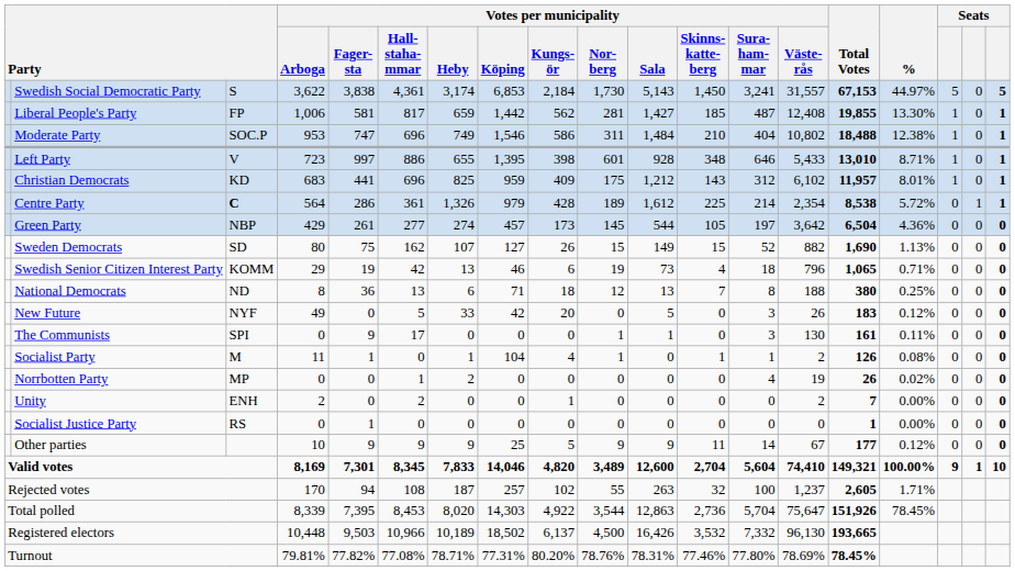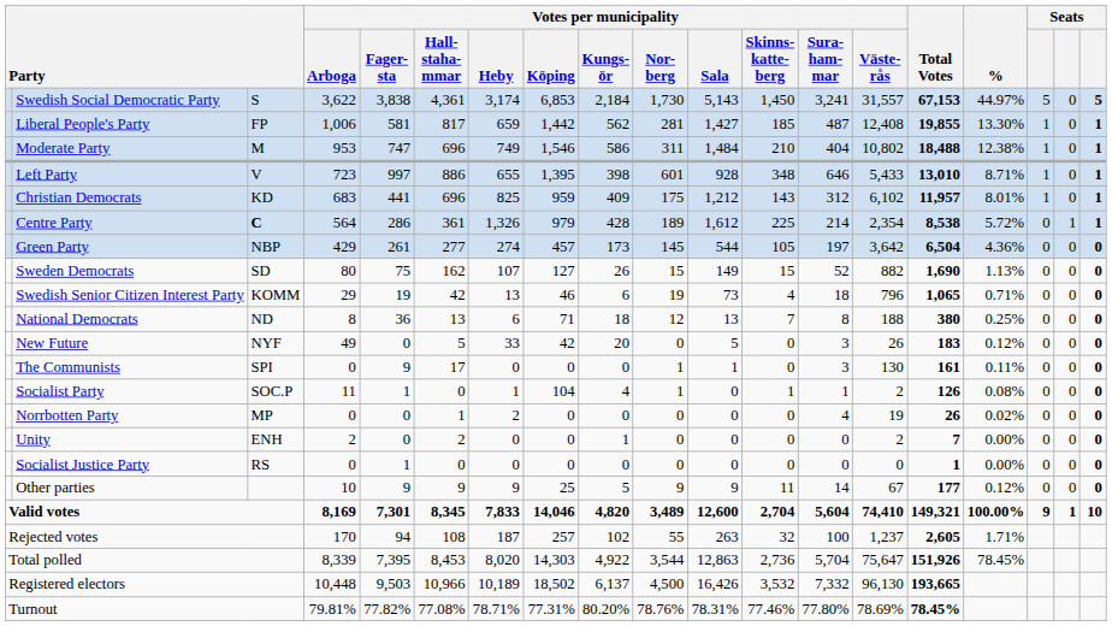 <table class="wikitable" border="1" style="text-align:right;">
 <tr>
 <th style="text-align:left;" valign=bottom rowspan=2 colspan=3>Party</th>
 <th colspan=11>Votes per municipality</th>
 <th align=center valign=bottom rowspan=2 width="50">Total Votes</th>
 <th align=center valign=bottom rowspan=2 width="50">%</th>
 <th colspan=3>Seats</th>
 </tr>
 <tr>
 <th align=center valign=bottom width="50"><a href='#'>Arboga</a></th>
 <th align=center valign=bottom width="50"><a href='#'>Fager- sta</a></th>
 <th align=center valign=bottom width="50"><a href='#'>Hall- staha- mmar</a></th>
 <th align=center valign=bottom width="50"><a href='#'>Heby</a></th>
 <th align=center valign=bottom width="50"><a href='#'>Köping</a></th>
 <th align=center valign=bottom width="50"><a href='#'>Kungs- ör</a></th>
 <th align=center valign=bottom width="50"><a href='#'>Nor- berg</a></th>
 <th align=center valign=bottom width="50"><a href='#'>Sala</a></th>
 <th align=center valign=bottom width="50"><a href='#'>Skinns- katte- berg</a></th>
 <th align=center valign=bottom width="50"><a href='#'>Sura- ham- mar</a></th>
 <th align=center valign=bottom width="50"><a href='#'>Väste- rås</a></th>
 <th align=center valign=bottom width="20"><small></small></th>
 <th align=center valign=bottom width="20"><small><a href='#'></a></small></th>
 <th align=center valign=bottom width="20"><small></small></th>
 </tr>
 <tr style="background:#CEE0F2;">
 <td></td>
 <td align=left style="white-space: nowrap;"><a href='#'>Swedish Social Democratic Party</a></td>
 <td align=left>S</td>
 <td>3,622</td>
 <td>3,838</td>
 <td>4,361</td>
 <td>3,174</td>
 <td>6,853</td>
 <td>2,184</td>
 <td>1,730</td>
 <td>5,143</td>
 <td>1,450</td>
 <td>3,241</td>
 <td>31,557</td>
 <td><strong>67,153</strong></td>
 <td>44.97%</td>
 <td>5</td>
 <td>0</td>
 <td><strong>5</strong></td>
 </tr>
 <tr style="background:#CEE0F2;">
 <td></td>
 <td align=left><a href='#'>Liberal People's Party</a></td>
 <td align=left>FP</td>
 <td>1,006</td>
 <td>581</td>
 <td>817</td>
 <td>659</td>
 <td>1,442</td>
 <td>562</td>
 <td>281</td>
 <td>1,427</td>
 <td>185</td>
 <td>487</td>
 <td>12,408</td>
 <td><strong>19,855</strong></td>
 <td>13.30%</td>
 <td>1</td>
 <td>0</td>
 <td><strong>1</strong></td>
 </tr>
 <tr style="background:#CEE0F2;">
 <td></td>
 <td align=left><a href='#'>Moderate Party</a></td>
-<td align=left>SOC.P</td>
+<td align=left>M</td>
 <td>953</td>
 <td>747</td>
 <td>696</td>
 <td>749</td>
 <td>1,546</td>
 <td>586</td>
 <td>311</td>
 <td>1,484</td>
 <td>210</td>
 <td>404</td>
 <td>10,802</td>
 <td><strong>18,488</strong></td>
 <td>12.38%</td>
 <td>1</td>
 <td>0</td>
 <td><strong>1</strong></td>
 </tr>
 <tr style="background:#CEE0F2; border-top:3px solid darkgray;">
 <td></td>
 <td align=left><a href='#'>Left Party</a></td>
 <td align=left>V</td>
 <td>723</td>
 <td>997</td>
 <td>886</td>
 <td>655</td>
 <td>1,395</td>
 <td>398</td>
 <td>601</td>
 <td>928</td>
 <td>348</td>
 <td>646</td>
 <td>5,433</td>
 <td><strong>13,010</strong></td>
 <td>8.71%</td>
 <td>1</td>
 <td>0</td>
 <td><strong>1</strong></td>
 </tr>
 <tr style="background:#CEE0F2;">
 <td></td>
 <td align=left><a href='#'>Christian Democrats</a></td>
 <td align=left>KD</td>
 <td>683</td>
 <td>441</td>
 <td>696</td>
 <td>825</td>
 <td>959</td>
 <td>409</td>
 <td>175</td>
 <td>1,212</td>
 <td>143</td>
 <td>312</td>
 <td>6,102</td>
 <td><strong>11,957</strong></td>
 <td>8.01%</td>
 <td>1</td>
 <td>0</td>
 <td><strong>1</strong></td>
 </tr>
 <tr style="background:#CEE0F2;">
 <td></td>
 <td align=left><a href='#'>Centre Party</a></td>
 <td align=left><strong>C</strong></td>
 <td>564</td>
 <td>286</td>
 <td>361</td>
 <td>1,326</td>
 <td>979</td>
 <td>428</td>
 <td>189</td>
 <td>1,612</td>
 <td>225</td>
 <td>214</td>
 <td>2,354</td>
 <td><strong>8,538</strong></td>
 <td>5.72%</td>
 <td>0</td>
 <td>1</td>
 <td><strong>1</strong></td>
 </tr>
 <tr style="background:#CEE0F2;">
 <td></td>
 <td align=left><a href='#'>Green Party</a></td>
 <td align=left>NBP</td>
 <td>429</td>
 <td>261</td>
 <td>277</td>
 <td>274</td>
 <td>457</td>
 <td>173</td>
 <td>145</td>
 <td>544</td>
 <td>105</td>
 <td>197</td>
 <td>3,642</td>
 <td><strong>6,504</strong></td>
 <td>4.36%</td>
 <td>0</td>
 <td>0</td>
 <td><strong>0</strong></td>
 </tr>
 <tr>
 <td></td>
 <td align=left><a href='#'>Sweden Democrats</a></td>
 <td align=left>SD</td>
 <td>80</td>
 <td>75</td>
 <td>162</td>
 <td>107</td>
 <td>127</td>
 <td>26</td>
 <td>15</td>
 <td>149</td>
 <td>15</td>
 <td>52</td>
 <td>882</td>
 <td><strong>1,690</strong></td>
 <td>1.13%</td>
 <td>0</td>
 <td>0</td>
 <td><strong>0</strong></td>
 </tr>
 <tr>
 <td></td>
 <td align=left><a href='#'>Swedish Senior Citizen Interest Party</a></td>
 <td align=left>KOMM</td>
 <td>29</td>
 <td>19</td>
 <td>42</td>
 <td>13</td>
 <td>46</td>
 <td>6</td>
 <td>19</td>
 <td>73</td>
 <td>4</td>
 <td>18</td>
 <td>796</td>
 <td><strong>1,065</strong></td>
 <td>0.71%</td>
 <td>0</td>
 <td>0</td>
 <td><strong>0</strong></td>
 </tr>
 <tr>
 <td></td>
 <td align=left><a href='#'>National Democrats</a></td>
 <td align=left>ND</td>
 <td>8</td>
 <td>36</td>
 <td>13</td>
 <td>6</td>
 <td>71</td>
 <td>18</td>
 <td>12</td>
 <td>13</td>
 <td>7</td>
 <td>8</td>
 <td>188</td>
 <td><strong>380</strong></td>
 <td>0.25%</td>
 <td>0</td>
 <td>0</td>
 <td><strong>0</strong></td>
 </tr>
 <tr>
 <td></td>
 <td align=left><a href='#'>New Future</a></td>
 <td align=left>NYF</td>
 <td>49</td>
 <td>0</td>
 <td>5</td>
 <td>33</td>
 <td>42</td>
 <td>20</td>
 <td>0</td>
 <td>5</td>
 <td>0</td>
 <td>3</td>
 <td>26</td>
 <td><strong>183</strong></td>
 <td>0.12%</td>
 <td>0</td>
 <td>0</td>
 <td><strong>0</strong></td>
 </tr>
 <tr>
 <td></td>
 <td align=left><a href='#'>The Communists</a></td>
 <td align=left>SPI</td>
 <td>0</td>
 <td>9</td>
 <td>17</td>
 <td>0</td>
 <td>0</td>
 <td>0</td>
 <td>1</td>
 <td>1</td>
 <td>0</td>
 <td>3</td>
 <td>130</td>
 <td><strong>161</strong></td>
 <td>0.11%</td>
 <td>0</td>
 <td>0</td>
 <td><strong>0</strong></td>
 </tr>
 <tr>
 <td></td>
 <td align=left><a href='#'>Socialist Party</a></td>
-<td align=left>M</td>
+<td align=left>SOC.P</td>
 <td>11</td>
 <td>1</td>
 <td>0</td>
 <td>1</td>
 <td>104</td>
 <td>4</td>
 <td>1</td>
 <td>0</td>
 <td>1</td>
 <td>1</td>
 <td>2</td>
 <td><strong>126</strong></td>
 <td>0.08%</td>
 <td>0</td>
 <td>0</td>
 <td><strong>0</strong></td>
 </tr>
 <tr>
 <td></td>
 <td align=left><a href='#'>Norrbotten Party</a></td>
 <td align=left>MP</td>
 <td>0</td>
 <td>0</td>
 <td>1</td>
 <td>2</td>
 <td>0</td>
 <td>0</td>
 <td>0</td>
 <td>0</td>
 <td>0</td>
 <td>4</td>
 <td>19</td>
 <td><strong>26</strong></td>
 <td>0.02%</td>
 <td>0</td>
 <td>0</td>
 <td><strong>0</strong></td>
 </tr>
 <tr>
 <td></td>
 <td align=left><a href='#'>Unity</a></td>
 <td align=left>ENH</td>
 <td>2</td>
 <td>0</td>
 <td>2</td>
 <td>0</td>
 <td>0</td>
 <td>1</td>
 <td>0</td>
 <td>0</td>
 <td>0</td>
 <td>0</td>
 <td>2</td>
 <td><strong>7</strong></td>
 <td>0.00%</td>
 <td>0</td>
 <td>0</td>
 <td><strong>0</strong></td>
 </tr>
 <tr>
 <td></td>
 <td align=left><a href='#'>Socialist Justice Party</a></td>
 <td align=left>RS</td>
 <td>0</td>
 <td>1</td>
 <td>0</td>
 <td>0</td>
 <td>0</td>
 <td>0</td>
 <td>0</td>
 <td>0</td>
 <td>0</td>
 <td>0</td>
 <td>0</td>
 <td><strong>1</strong></td>
 <td>0.00%</td>
 <td>0</td>
 <td>0</td>
 <td><strong>0</strong></td>
 </tr>
 <tr>
 <td></td>
 <td align=left>Other parties</td>
 <td></td>
 <td>10</td>
 <td>9</td>
 <td>9</td>
 <td>9</td>
 <td>25</td>
 <td>5</td>
 <td>9</td>
 <td>9</td>
 <td>11</td>
 <td>14</td>
 <td>67</td>
 <td><strong>177</strong></td>
 <td>0.12%</td>
 <td>0</td>
 <td>0</td>
 <td><strong>0</strong></td>
 </tr>
 <tr style="font-weight:bold">
 <td align=left colspan=3>Valid votes</td>
 <td>8,169</td>
 <td>7,301</td>
 <td>8,345</td>
 <td>7,833</td>
 <td>14,046</td>
 <td>4,820</td>
 <td>3,489</td>
 <td>12,600</td>
 <td>2,704</td>
 <td>5,604</td>
 <td>74,410</td>
 <td>149,321</td>
 <td>100.00%</td>
 <td>9</td>
 <td>1</td>
 <td>10</td>
 </tr>
 <tr>
 <td align=left colspan=3>Rejected votes</td>
 <td>170</td>
 <td>94</td>
 <td>108</td>
 <td>187</td>
 <td>257</td>
 <td>102</td>
 <td>55</td>
 <td>263</td>
 <td>32</td>
 <td>100</td>
 <td>1,237</td>
 <td><strong>2,605</strong></td>
 <td>1.71%</td>
 <td></td>
 <td></td>
 <td></td>
 </tr>
 <tr>
 <td align=left colspan=3>Total polled</td>
 <td>8,339</td>
 <td>7,395</td>
 <td>8,453</td>
 <td>8,020</td>
 <td>14,303</td>
 <td>4,922</td>
 <td>3,544</td>
 <td>12,863</td>
 <td>2,736</td>
 <td>5,704</td>
 <td>75,647</td>
 <td><strong>151,926</strong></td>
 <td>78.45%</td>
 <td></td>
 <td></td>
 <td></td>
 </tr>
 <tr>
 <td align=left colspan=3>Registered electors</td>
 <td>10,448</td>
 <td>9,503</td>
 <td>10,966</td>
 <td>10,189</td>
 <td>18,502</td>
 <td>6,137</td>
 <td>4,500</td>
 <td>16,426</td>
 <td>3,532</td>
 <td>7,332</td>
 <td>96,130</td>
 <td><strong>193,665</strong></td>
 <td></td>
 <td></td>
 <td></td>
 <td></td>
 </tr>
 <tr>
 <td align=left colspan=3>Turnout</td>
 <td>79.81%</td>
 <td>77.82%</td>
 <td>77.08%</td>
 <td>78.71%</td>
 <td>77.31%</td>
 <td>80.20%</td>
 <td>78.76%</td>
 <td>78.31%</td>
 <td>77.46%</td>
 <td>77.80%</td>
 <td>78.69%</td>
 <td><strong>78.45%</strong></td>
 <td></td>
 <td></td>
 <td></td>
 <td></td>
 </tr>
 </table>
